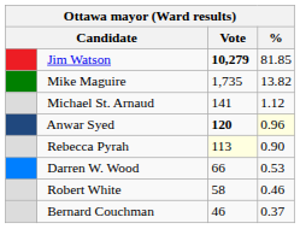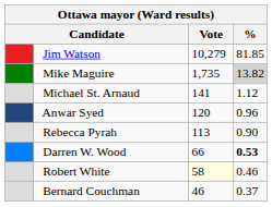 <table class="wikitable">
 <tr>
 <th colspan="4">Ottawa mayor (Ward results)</th>
 </tr>
 <tr>
 <th bgcolor="#DDDDFF" width="230px" colspan="2">Candidate</th>
 <th bgcolor="#DDDDFF" width="50px">Vote</th>
 <th bgcolor="#DDDDFF" width="30px">%</th>
 </tr>
 <tr>
 <td bgcolor=#ED1D24 width="30px"> </td>
 <td>  <a href='#'>Jim Watson</a></td>
-<td><strong>10,279</strong></td>
+<td>10,279</td>
 <td>81.85</td>
 </tr>
 <tr>
 <td bgcolor=#008000 width="30px"> </td>
 <td>  Mike Maguire</td>
 <td>1,735</td>
-<td>13.82</td>
+<td style="background: lightgrey;">13.82</td>
 </tr>
 <tr>
 <td bgcolor=#DCDCDC width="30px"> </td>
 <td>  Michael St. Arnaud</td>
 <td>141</td>
 <td>1.12</td>
 </tr>
 <tr>
 <td bgcolor=#20487E width="30px"> </td>
 <td>  Anwar Syed</td>
-<td><strong>120</strong></td>
-<td style="background: lightyellow;">0.96</td>
+<td>120</td>
+<td>0.96</td>
 </tr>
 <tr>
 <td bgcolor=#DCDCDC width="30px"> </td>
 <td>  Rebecca Pyrah</td>
-<td style="background: lightyellow;">113</td>
+<td>113</td>
 <td>0.90</td>
 </tr>
 <tr>
 <td bgcolor=#007FFF width="30px"> </td>
 <td>  Darren W. Wood</td>
 <td>66</td>
-<td>0.53</td>
+<td><strong>0.53</strong></td>
 </tr>
 <tr>
 <td bgcolor=#DCDCDC width="30px"> </td>
 <td>  Robert White</td>
-<td>58</td>
+<td style="background: lightyellow;">58</td>
 <td>0.46</td>
 </tr>
 <tr>
 <td bgcolor=#DCDCDC width="30px"> </td>
 <td>  Bernard Couchman</td>
 <td>46</td>
 <td>0.37</td>
 </tr>
 </table>
